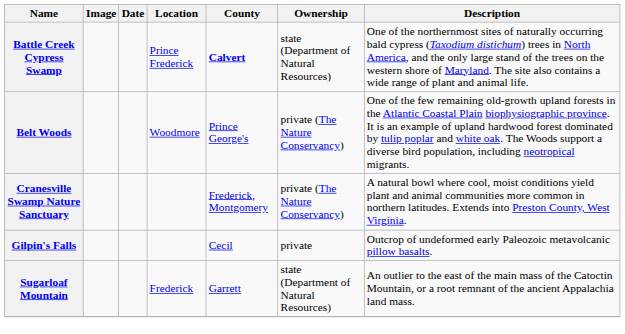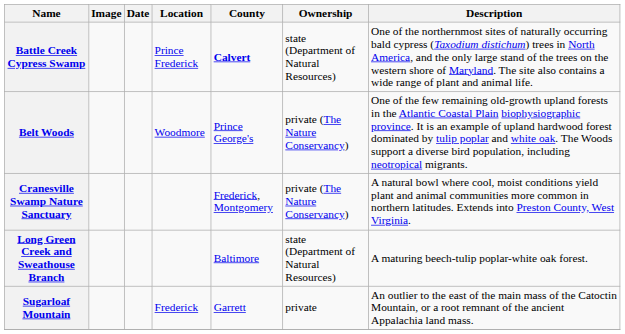 <table class="wikitable sortable" align="center">
 <tr>
 <th style="background-color:">Name</th>
 <th style="background-color:">Image</th>
 <th style="background-color:">Date</th>
 <th style="background-color:">Location</th>
 <th style="background-color:">County</th>
 <th style="background-color:">Ownership</th>
 <th style="background-color:">Description</th>
 </tr>
 <tr>
 <th><a href='#'>Battle Creek Cypress Swamp</a></th>
 <td></td>
 <td></td>
 <td><a href='#'>Prince Frederick</a> <small></small></td>
 <td><strong><a href='#'>Calvert</a></strong></td>
 <td>state (Department of Natural Resources)</td>
 <td>One of the northernmost sites of naturally occurring bald cypress (<em><a href='#'>Taxodium distichum</a></em>) trees in <a href='#'>North America</a>, and the only large stand of the trees on the western shore of <a href='#'>Maryland</a>. The site also contains a wide range of plant and animal life.</td>
 </tr>
 <tr>
 <th><a href='#'>Belt Woods</a></th>
 <td></td>
 <td></td>
 <td><a href='#'>Woodmore</a> <small></small></td>
 <td><a href='#'>Prince George's</a></td>
 <td>private (<a href='#'>The Nature Conservancy</a>)</td>
 <td>One of the few remaining old-growth upland forests in the <a href='#'>Atlantic Coastal Plain</a> <a href='#'>biophysiographic province</a>. It is an example of upland hardwood forest dominated by <a href='#'>tulip poplar</a> and <a href='#'>white oak</a>. The Woods support a diverse bird population, including <a href='#'>neotropical</a> migrants.</td>
 </tr>
 <tr>
 <th><a href='#'>Cranesville Swamp Nature Sanctuary</a></th>
 <td></td>
 <td></td>
 <td></td>
 <td><a href='#'>Frederick</a>, <a href='#'>Montgomery</a></td>
 <td>private (<a href='#'>The Nature Conservancy</a>)</td>
 <td>A natural bowl where cool, moist conditions yield plant and animal communities more common in northern latitudes.  Extends into <a href='#'>Preston County, West Virginia</a>.</td>
 </tr>
 <tr>
-<th><a href='#'>Gilpin's Falls</a></th>
+<th><a href='#'>Long Green Creek and Sweathouse Branch</a></th>
 <td></td>
 <td></td>
 <td></td>
-<td><a href='#'>Cecil</a></td>
-<td>private</td>
-<td>Outcrop of undeformed early Paleozoic metavolcanic <a href='#'>pillow basalts</a>.</td>
+<td><a href='#'>Baltimore</a></td>
+<td>state (Department of Natural Resources)</td>
+<td>A maturing beech-tulip poplar-white oak forest.</td>
 </tr>
 <tr>
 <th><a href='#'>Sugarloaf Mountain</a></th>
 <td></td>
 <td></td>
 <td><a href='#'>Frederick</a> <small></small></td>
 <td><a href='#'>Garrett</a></td>
-<td>state (Department of Natural Resources)</td>
+<td>private</td>
 <td>An outlier to the east of the main mass of the Catoctin Mountain, or a root remnant of the ancient Appalachia land mass.</td>
 </tr>
 <tr>
 </tr>
 </table>
